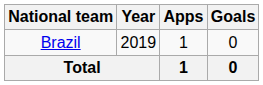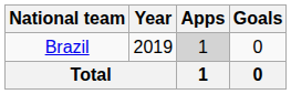 <table class=wikitable style="text-align: center;">
 <tr>
 <th>National team</th>
 <th>Year</th>
 <th>Apps</th>
 <th>Goals</th>
 </tr>
 <tr>
 <td rowspan="2"><a href='#'>Brazil</a></td>
 </tr>
 <tr>
 <td>2019</td>
-<td>1</td>
+<td style="background: lightgrey;">1</td>
 <td>0</td>
 </tr>
 <tr>
 <th colspan="2">Total</th>
 <th>1</th>
 <th>0</th>
 </tr>
 </table>
